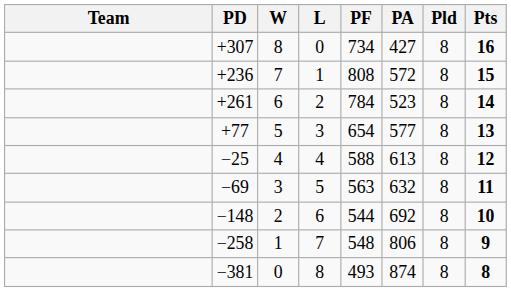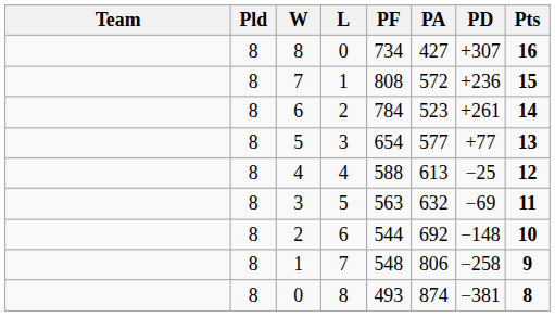 <table class=wikitable style="text-align:center">
 <tr>
 <th width=180>Team</th>
-<th width=30>PD</th>
+<th width=30>Pld</th>
 <th width=30>W</th>
 <th width=30>L</th>
 <th width=30>PF</th>
 <th width=30>PA</th>
-<th width=30>Pld</th>
+<th width=30>PD</th>
 <th width=30>Pts</th>
 </tr>
 <tr>
 <td align="left"></td>
-<td>+307</td>
+<td>8</td>
 <td>8</td>
 <td>0</td>
 <td>734</td>
 <td>427</td>
-<td>8</td>
+<td>+307</td>
 <td><strong>16</strong></td>
 </tr>
 <tr>
 <td align="left"></td>
-<td>+236</td>
+<td>8</td>
 <td>7</td>
 <td>1</td>
 <td>808</td>
 <td>572</td>
-<td>8</td>
+<td>+236</td>
 <td><strong>15</strong></td>
 </tr>
 <tr>
 <td align="left"></td>
-<td>+261</td>
+<td>8</td>
 <td>6</td>
 <td>2</td>
 <td>784</td>
 <td>523</td>
-<td>8</td>
+<td>+261</td>
 <td><strong>14</strong></td>
 </tr>
 <tr>
 <td align="left"></td>
-<td>+77</td>
+<td>8</td>
 <td>5</td>
 <td>3</td>
 <td>654</td>
 <td>577</td>
-<td>8</td>
+<td>+77</td>
 <td><strong>13</strong></td>
 </tr>
 <tr>
 <td align="left"></td>
-<td>−25</td>
+<td>8</td>
 <td>4</td>
 <td>4</td>
 <td>588</td>
 <td>613</td>
-<td>8</td>
+<td>−25</td>
 <td><strong>12</strong></td>
 </tr>
 <tr>
 <td align="left"></td>
-<td>−69</td>
+<td>8</td>
 <td>3</td>
 <td>5</td>
 <td>563</td>
 <td>632</td>
-<td>8</td>
+<td>−69</td>
 <td><strong>11</strong></td>
 </tr>
 <tr>
 <td align="left"></td>
-<td>−148</td>
+<td>8</td>
 <td>2</td>
 <td>6</td>
 <td>544</td>
 <td>692</td>
-<td>8</td>
+<td>−148</td>
 <td><strong>10</strong></td>
 </tr>
 <tr>
 <td align="left"></td>
-<td>−258</td>
+<td>8</td>
 <td>1</td>
 <td>7</td>
 <td>548</td>
 <td>806</td>
-<td>8</td>
+<td>−258</td>
 <td><strong>9</strong></td>
 </tr>
 <tr>
 <td align="left"></td>
-<td>−381</td>
+<td>8</td>
 <td>0</td>
 <td>8</td>
 <td>493</td>
 <td>874</td>
-<td>8</td>
+<td>−381</td>
 <td><strong>8</strong></td>
 </tr>
 </table>
